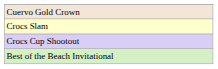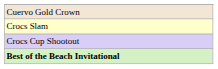 <table class=wikitable style=font-size:85%;width:20%>
 <tr style="background:#ffc;">
 </tr>
 <tr style="background:#F3E6D7;">
 <td>Cuervo Gold Crown</td>
 </tr>
 <tr style="background:#ffc;">
 <td>Crocs Slam</td>
 </tr>
 <tr style="background:#d8cef6;">
 <td>Crocs Cup Shootout</td>
 </tr>
 <tr style="background:#D4F1C5;">
-<td>Best of the Beach Invitational</td>
+<td><strong>Best of the Beach Invitational</strong></td>
 </tr>
 </table>
